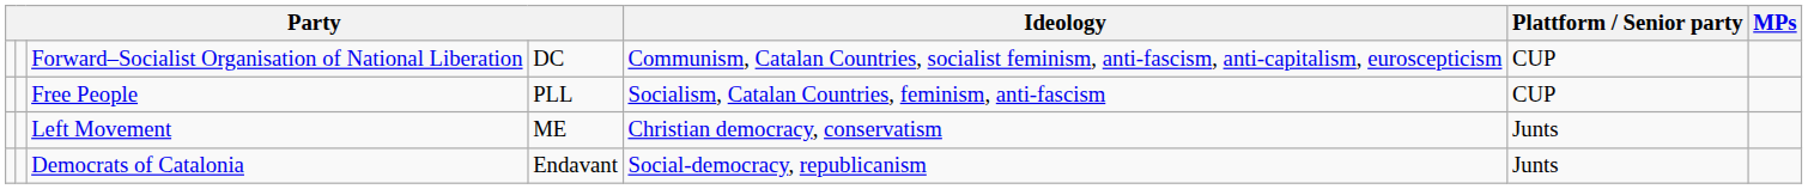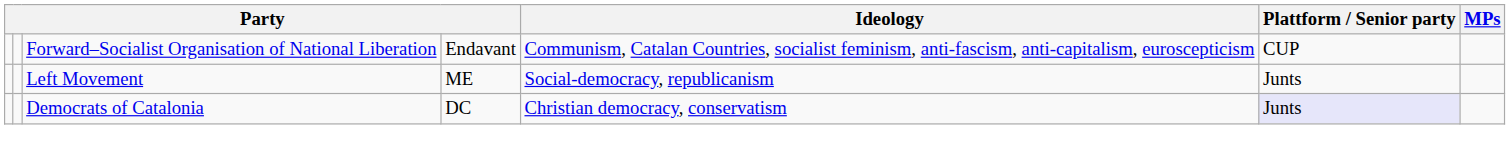 <table class="wikitable">
 <tr>
 <th colspan="4">Party</th>
 <th>Ideology</th>
 <th>Plattform / Senior party</th>
 <th><a href='#'>MPs</a></th>
 </tr>
 <tr>
 <td></td>
 <td align="center"></td>
 <td><a href='#'>Forward–Socialist Organisation of National Liberation</a><br></td>
-<td>DC</td>
+<td>Endavant</td>
 <td><a href='#'>Communism</a>, <a href='#'>Catalan Countries</a>, <a href='#'>socialist feminism</a>, <a href='#'>anti-fascism</a>, <a href='#'>anti-capitalism</a>, <a href='#'>euroscepticism</a></td>
-<td>CUP</td>
-<td></td>
-</tr>
-<tr>
-<td></td>
-<td align="center"></td>
-<td><a href='#'>Free People</a><br></td>
-<td>PLL</td>
-<td><a href='#'>Socialism</a>, <a href='#'>Catalan Countries</a>, <a href='#'>feminism</a>, <a href='#'>anti-fascism</a></td>
 <td>CUP</td>
 <td></td>
 </tr>
 <tr>
 <td></td>
 <td align="center"></td>
 <td><a href='#'>Left Movement</a><br></td>
 <td>ME</td>
-<td><a href='#'>Christian democracy</a>, <a href='#'>conservatism</a></td>
+<td><a href='#'>Social-democracy</a>, <a href='#'>republicanism</a></td>
 <td>Junts</td>
 <td></td>
 </tr>
 <tr>
 <td></td>
 <td align="center"></td>
 <td><a href='#'>Democrats of Catalonia</a><br></td>
-<td>Endavant</td>
-<td><a href='#'>Social-democracy</a>, <a href='#'>republicanism</a></td>
-<td>Junts</td>
+<td>DC</td>
+<td><a href='#'>Christian democracy</a>, <a href='#'>conservatism</a></td>
+<td style="background: lavender;">Junts</td>
 <td></td>
 </tr>
 </table>
